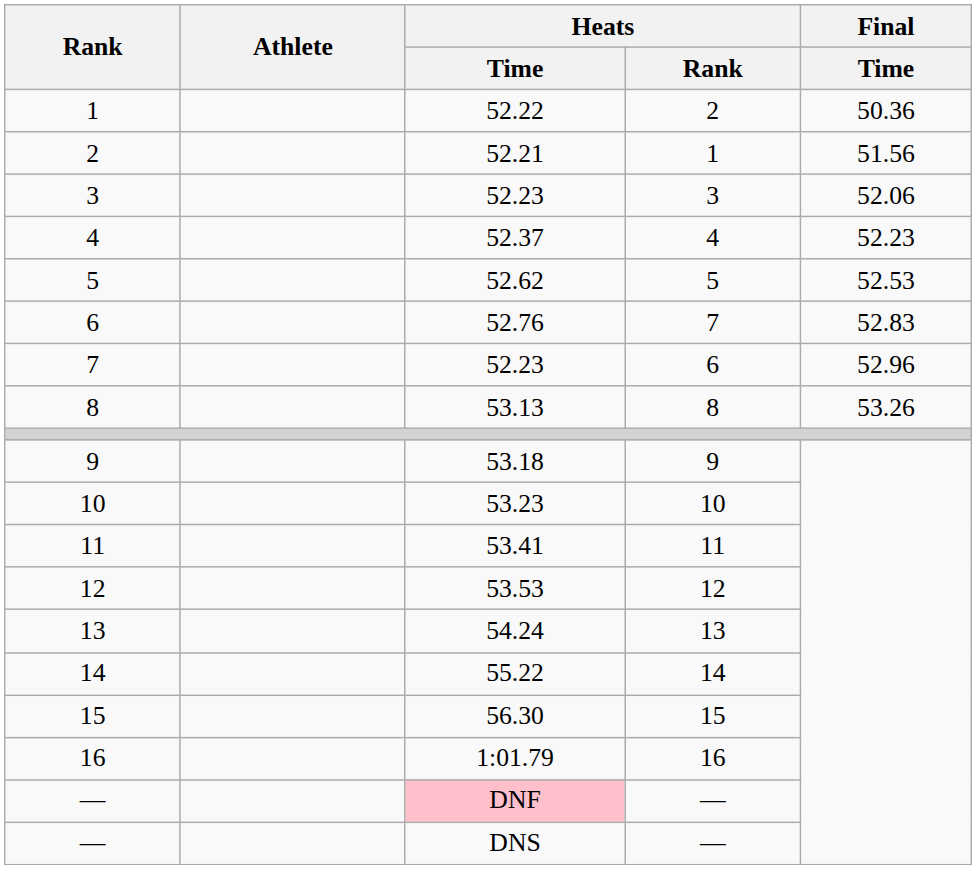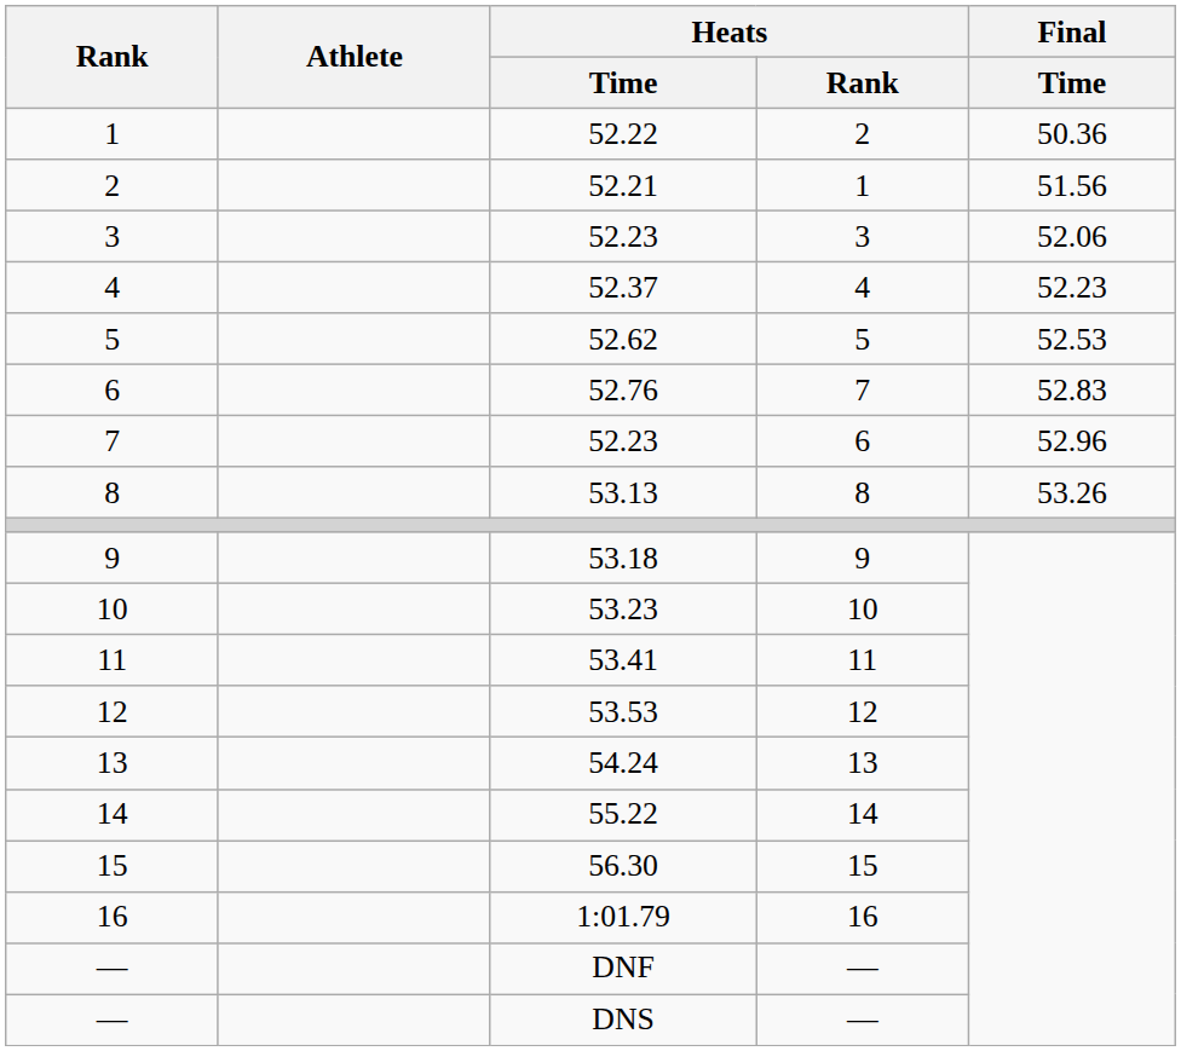 <table class="wikitable" style=" text-align:center; font-size:110%;" width="75%">
 <tr>
 <th rowspan="2">Rank</th>
 <th rowspan="2">Athlete</th>
 <th colspan="2">Heats</th>
 <th>Final</th>
 </tr>
 <tr>
 <th>Time</th>
 <th>Rank</th>
 <th>Time</th>
 </tr>
 <tr>
 <td>1</td>
 <td align=left></td>
 <td>52.22</td>
 <td>2</td>
 <td>50.36</td>
 </tr>
 <tr>
 <td>2</td>
 <td align=left></td>
 <td>52.21</td>
 <td>1</td>
 <td>51.56</td>
 </tr>
 <tr>
 <td>3</td>
 <td align=left></td>
 <td>52.23</td>
 <td>3</td>
 <td>52.06</td>
 </tr>
 <tr>
 <td>4</td>
 <td align=left></td>
 <td>52.37</td>
 <td>4</td>
 <td>52.23</td>
 </tr>
 <tr>
 <td>5</td>
 <td align=left></td>
 <td>52.62</td>
 <td>5</td>
 <td>52.53</td>
 </tr>
 <tr>
 <td>6</td>
 <td align=left></td>
 <td>52.76</td>
 <td>7</td>
 <td>52.83</td>
 </tr>
 <tr>
 <td>7</td>
 <td align=left></td>
 <td>52.23</td>
 <td>6</td>
 <td>52.96</td>
 </tr>
 <tr>
 <td>8</td>
 <td align=left></td>
 <td>53.13</td>
 <td>8</td>
 <td>53.26</td>
 </tr>
 <tr>
 <td colspan=5 bgcolor=lightgray></td>
 </tr>
 <tr>
 <td>9</td>
 <td align=left></td>
 <td>53.18</td>
 <td>9</td>
 </tr>
 <tr>
 <td>10</td>
 <td align=left></td>
 <td>53.23</td>
 <td>10</td>
 </tr>
 <tr>
 <td>11</td>
 <td align=left></td>
 <td>53.41</td>
 <td>11</td>
 </tr>
 <tr>
 <td>12</td>
 <td align=left></td>
 <td>53.53</td>
 <td>12</td>
 </tr>
 <tr>
 <td>13</td>
 <td align=left></td>
 <td>54.24</td>
 <td>13</td>
 </tr>
 <tr>
 <td>14</td>
 <td align=left></td>
 <td>55.22</td>
 <td>14</td>
 </tr>
 <tr>
 <td>15</td>
 <td align=left></td>
 <td>56.30</td>
 <td>15</td>
 </tr>
 <tr>
 <td>16</td>
 <td align=left></td>
 <td>1:01.79</td>
 <td>16</td>
 </tr>
 <tr>
 <td>—</td>
 <td align=left></td>
-<td style="background: pink;">DNF</td>
+<td>DNF</td>
 <td>—</td>
 </tr>
 <tr>
 <td>—</td>
 <td align=left></td>
 <td>DNS</td>
 <td>—</td>
 </tr>
 </table>
